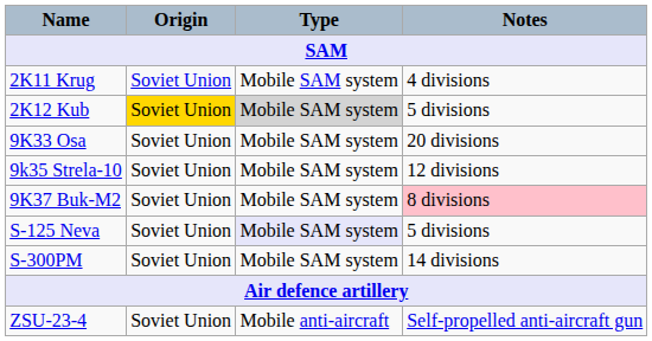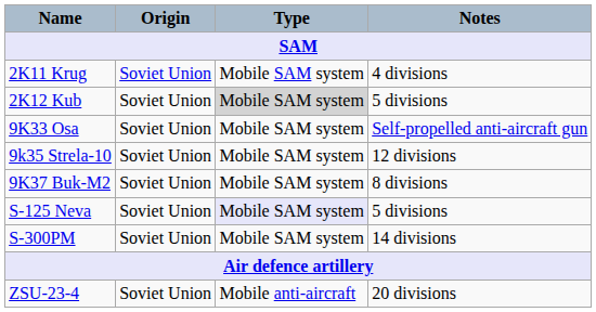 <table class="wikitable">
 <tr>
 <th style="text-align:center; background:#aabccc;">Name</th>
 <th style="text-align: center; background:#aabccc;">Origin</th>
 <th style="text-align:l center; background:#aabccc;">Type</th>
 <th style="text-align: center; background:#aabccc;">Notes</th>
 </tr>
 <tr>
 <th colspan="5" style="align: center; background: lavender;"><a href='#'>SAM</a></th>
 </tr>
 <tr>
 <td><a href='#'>2K11 Krug</a></td>
 <td><a href='#'>Soviet Union</a></td>
 <td>Mobile <a href='#'>SAM</a> system</td>
 <td>4 divisions</td>
 </tr>
 <tr>
 <td><a href='#'>2K12 Kub</a></td>
-<td style="background: gold;">Soviet Union</td>
+<td>Soviet Union</td>
 <td style="background: lightgrey;">Mobile SAM system</td>
 <td>5 divisions</td>
 </tr>
 <tr>
 <td><a href='#'>9K33 Osa</a></td>
 <td>Soviet Union</td>
 <td>Mobile SAM system</td>
-<td>20 divisions</td>
+<td><a href='#'>Self-propelled anti-aircraft gun</a></td>
 </tr>
 <tr>
 <td><a href='#'>9k35 Strela-10</a></td>
 <td>Soviet Union</td>
 <td>Mobile SAM system</td>
 <td>12 divisions</td>
 </tr>
 <tr>
 <td><a href='#'>9K37 Buk-M2</a></td>
 <td>Soviet Union</td>
 <td>Mobile SAM system</td>
-<td style="background: pink;">8 divisions</td>
+<td>8 divisions</td>
 </tr>
 <tr>
 <td><a href='#'>S-125 Neva</a></td>
 <td>Soviet Union</td>
 <td style="background: lavender;">Mobile SAM system</td>
 <td>5 divisions</td>
 </tr>
 <tr>
 <td><a href='#'>S-300PM</a></td>
 <td>Soviet Union</td>
 <td>Mobile SAM system</td>
 <td>14 divisions</td>
 </tr>
 <tr>
 <th colspan="5" style="align: center; background: lavender;"><a href='#'>Air defence artillery</a></th>
 </tr>
 <tr>
 <td><a href='#'>ZSU-23-4</a></td>
 <td>Soviet Union</td>
 <td>Mobile <a href='#'>anti-aircraft</a></td>
-<td><a href='#'>Self-propelled anti-aircraft gun</a></td>
+<td>20 divisions</td>
 </tr>
 </table>
